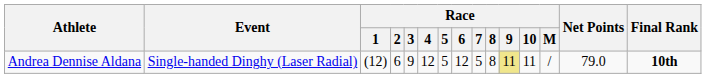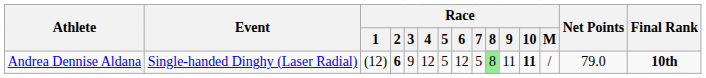 <table class="wikitable" border="1" style="font-size:90%">
 <tr>
 <th rowspan=2>Athlete</th>
 <th rowspan=2>Event</th>
 <th colspan=11>Race</th>
 <th rowspan=2>Net Points</th>
 <th rowspan=2>Final Rank</th>
 </tr>
 <tr>
 <th>1</th>
 <th>2</th>
 <th>3</th>
 <th>4</th>
 <th>5</th>
 <th>6</th>
 <th>7</th>
 <th>8</th>
 <th>9</th>
 <th>10</th>
 <th>M</th>
 </tr>
 <tr align=center>
 <td align=left><a href='#'>Andrea Dennise Aldana</a></td>
 <td align=left><a href='#'>Single-handed Dinghy (Laser Radial)</a></td>
 <td>(12)</td>
-<td>6</td>
+<td><strong>6</strong></td>
 <td>9</td>
 <td>12</td>
 <td>5</td>
 <td>12</td>
 <td>5</td>
-<td>8</td>
-<td style="background: khaki;">11</td>
+<td style="background: lightgreen;">8</td>
 <td>11</td>
+<td><strong>11</strong></td>
 <td>/</td>
 <td>79.0</td>
 <td><strong>10th</strong></td>
 </tr>
 </table>
